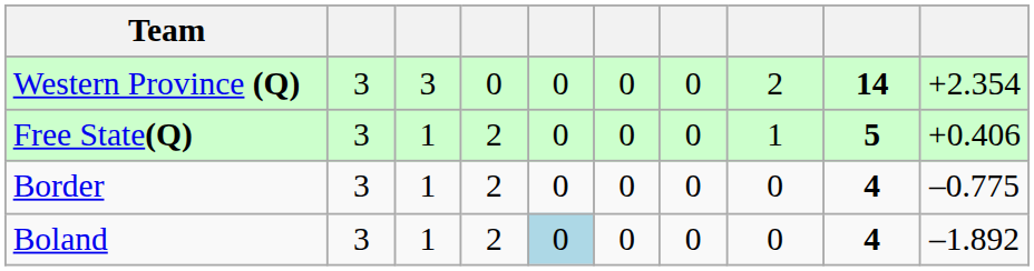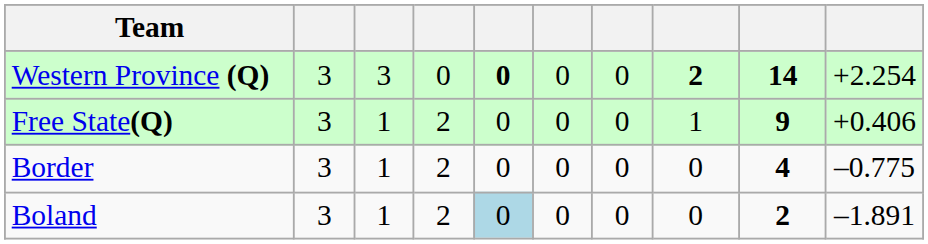 <table class="wikitable" style="text-align:center">
 <tr>
 <th width="150">Team</th>
 <th width="25"></th>
 <th width="25"></th>
 <th width="25"></th>
 <th width="25"></th>
 <th width="25"></th>
 <th width="25"></th>
 <th width="40"></th>
 <th width="40"></th>
 <th width="45"></th>
 </tr>
 <tr style="background:#cfc">
 <td style="text-align:left"><a href='#'>Western Province</a> <strong>(Q)</strong></td>
 <td>3</td>
 <td>3</td>
 <td>0</td>
+<td><strong>0</strong></td>
 <td>0</td>
 <td>0</td>
-<td>0</td>
-<td>2</td>
+<td><strong>2</strong></td>
 <td><strong>14</strong></td>
-<td>+2.354</td>
+<td>+2.254</td>
 </tr>
 <tr style="background:#cfc">
 <td style="text-align:left"><a href='#'>Free State</a><strong>(Q)</strong></td>
 <td>3</td>
 <td>1</td>
 <td>2</td>
 <td>0</td>
 <td>0</td>
 <td>0</td>
 <td>1</td>
-<td><strong>5</strong></td>
+<td><strong>9</strong></td>
 <td>+0.406</td>
 </tr>
 <tr>
 <td style="text-align:left"><a href='#'>Border</a></td>
 <td>3</td>
 <td>1</td>
 <td>2</td>
 <td>0</td>
 <td>0</td>
 <td>0</td>
 <td>0</td>
 <td><strong>4</strong></td>
 <td>–0.775</td>
 </tr>
 <tr>
 <td style="text-align:left"><a href='#'>Boland</a></td>
 <td>3</td>
 <td>1</td>
 <td>2</td>
 <td style="background: lightblue;">0</td>
 <td>0</td>
 <td>0</td>
 <td>0</td>
-<td><strong>4</strong></td>
-<td>–1.892</td>
+<td><strong>2</strong></td>
+<td>–1.891</td>
 </tr>
 </table>
